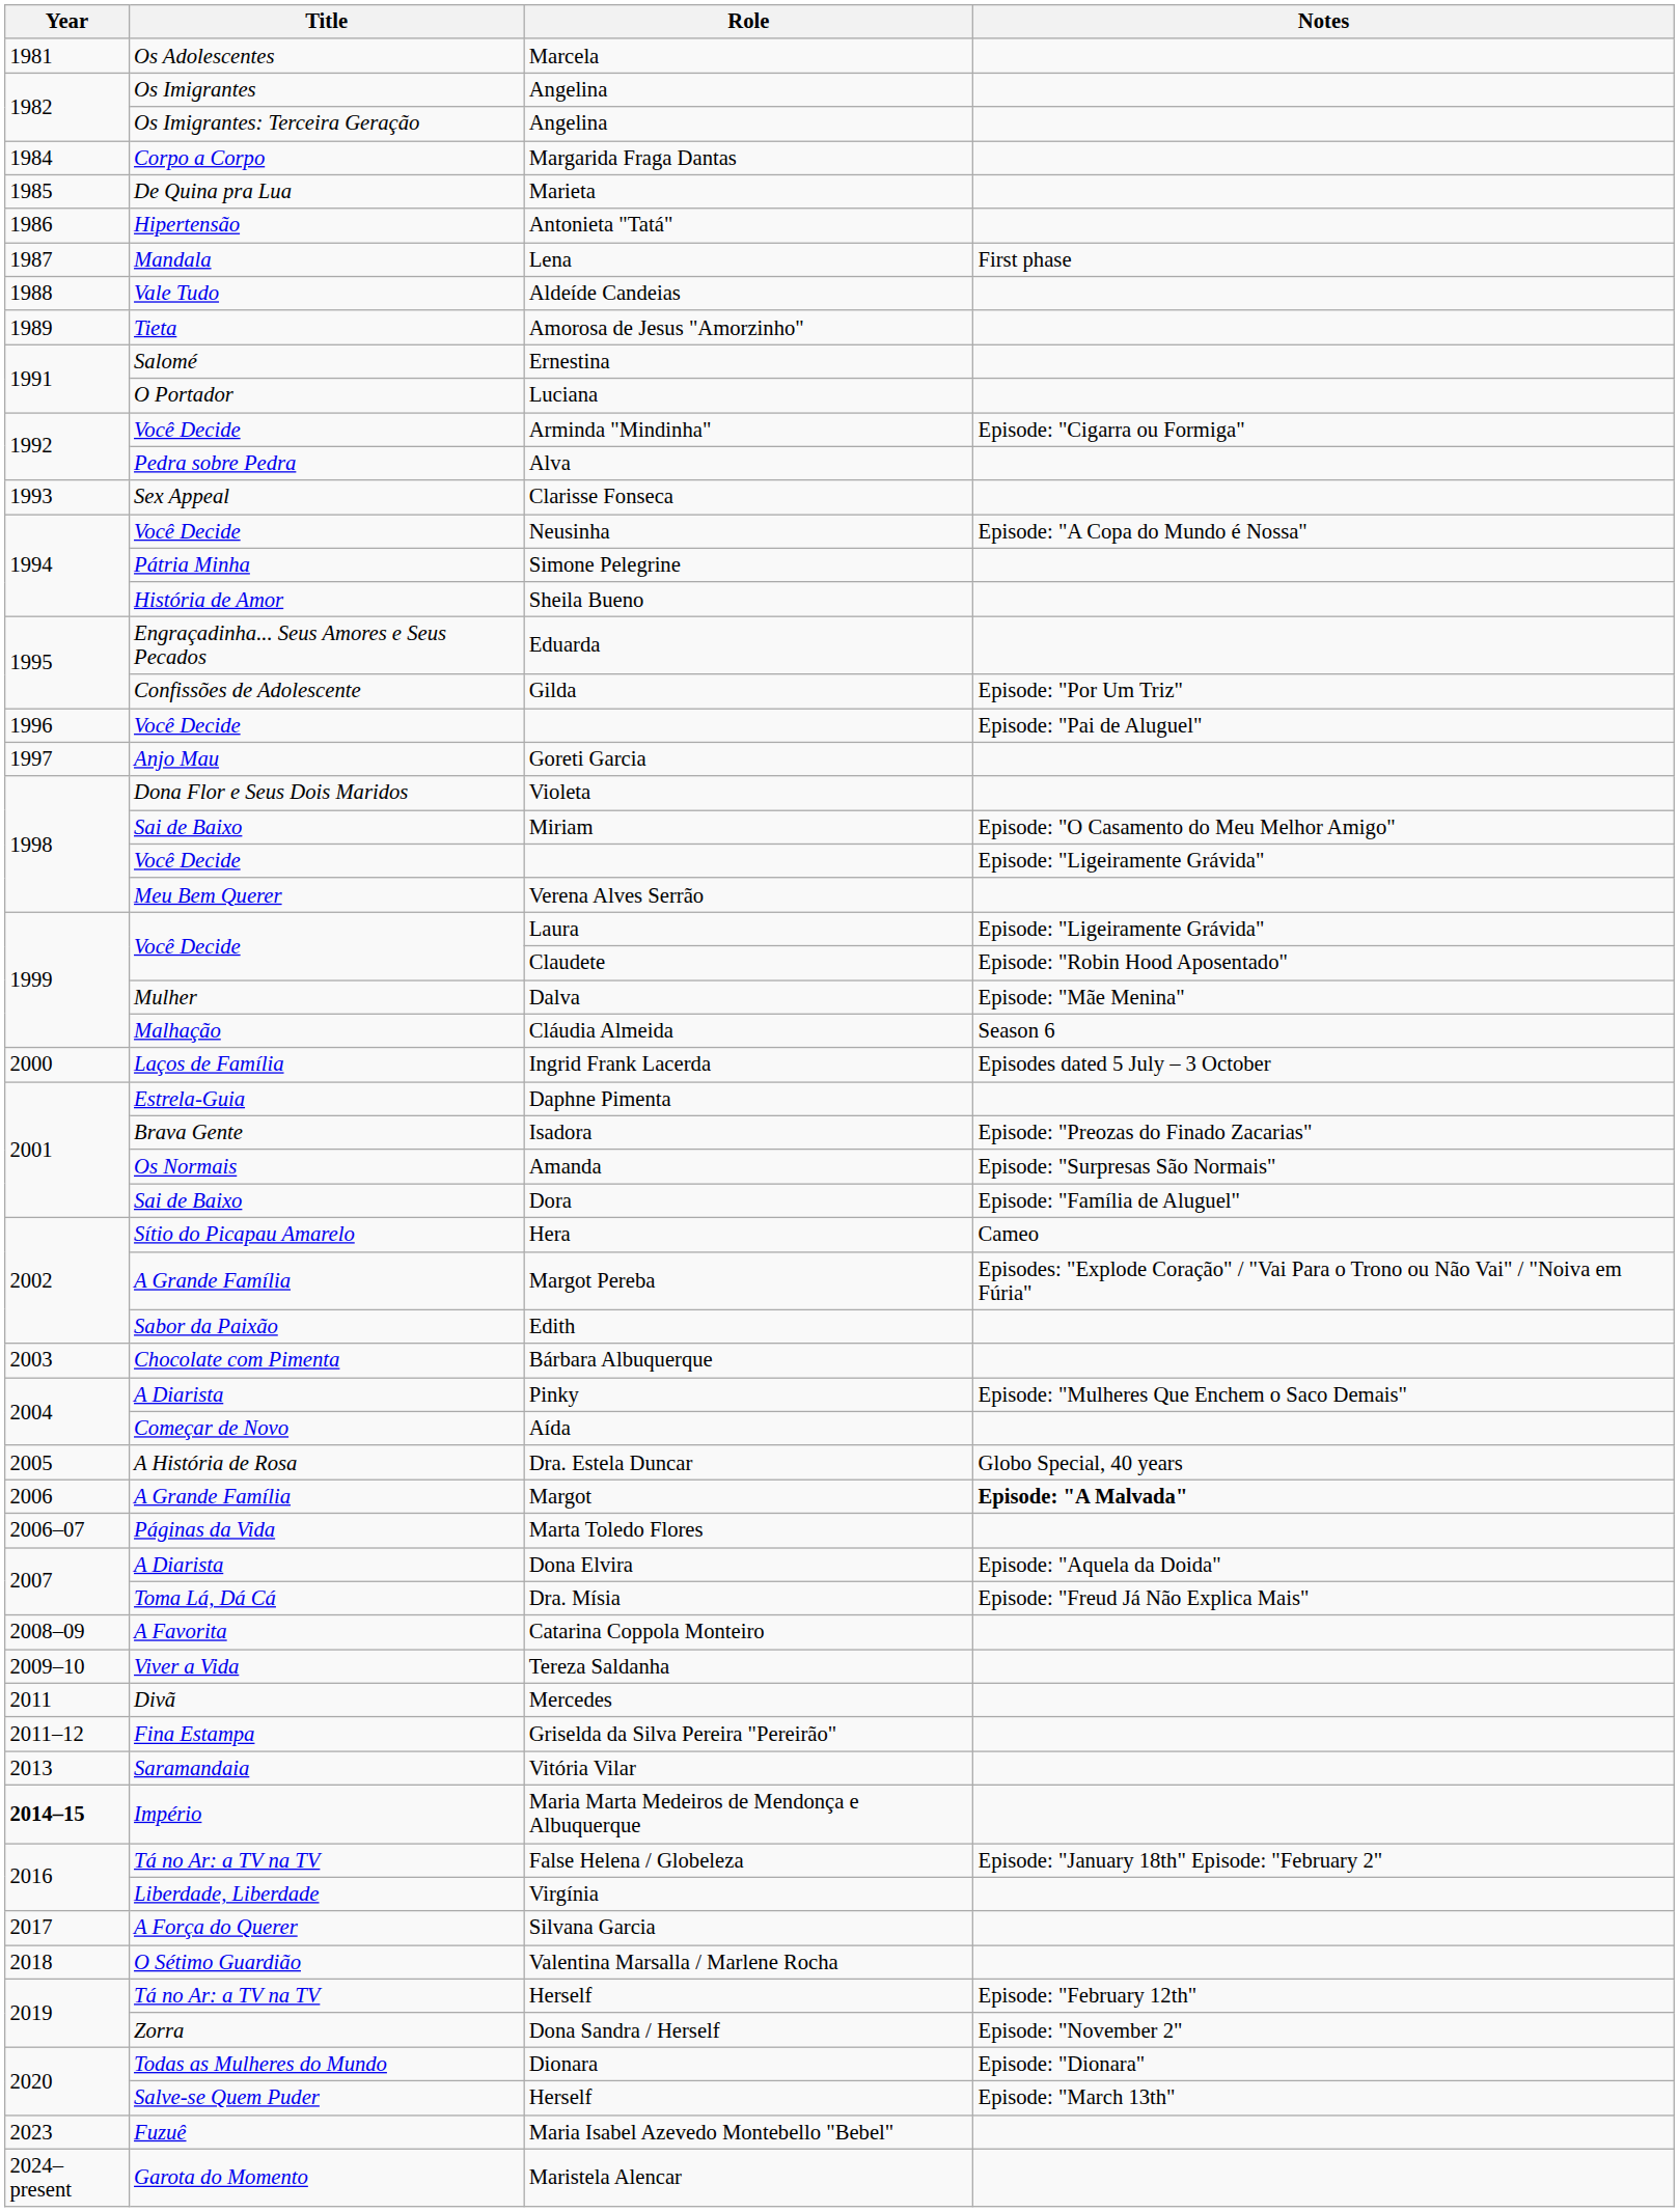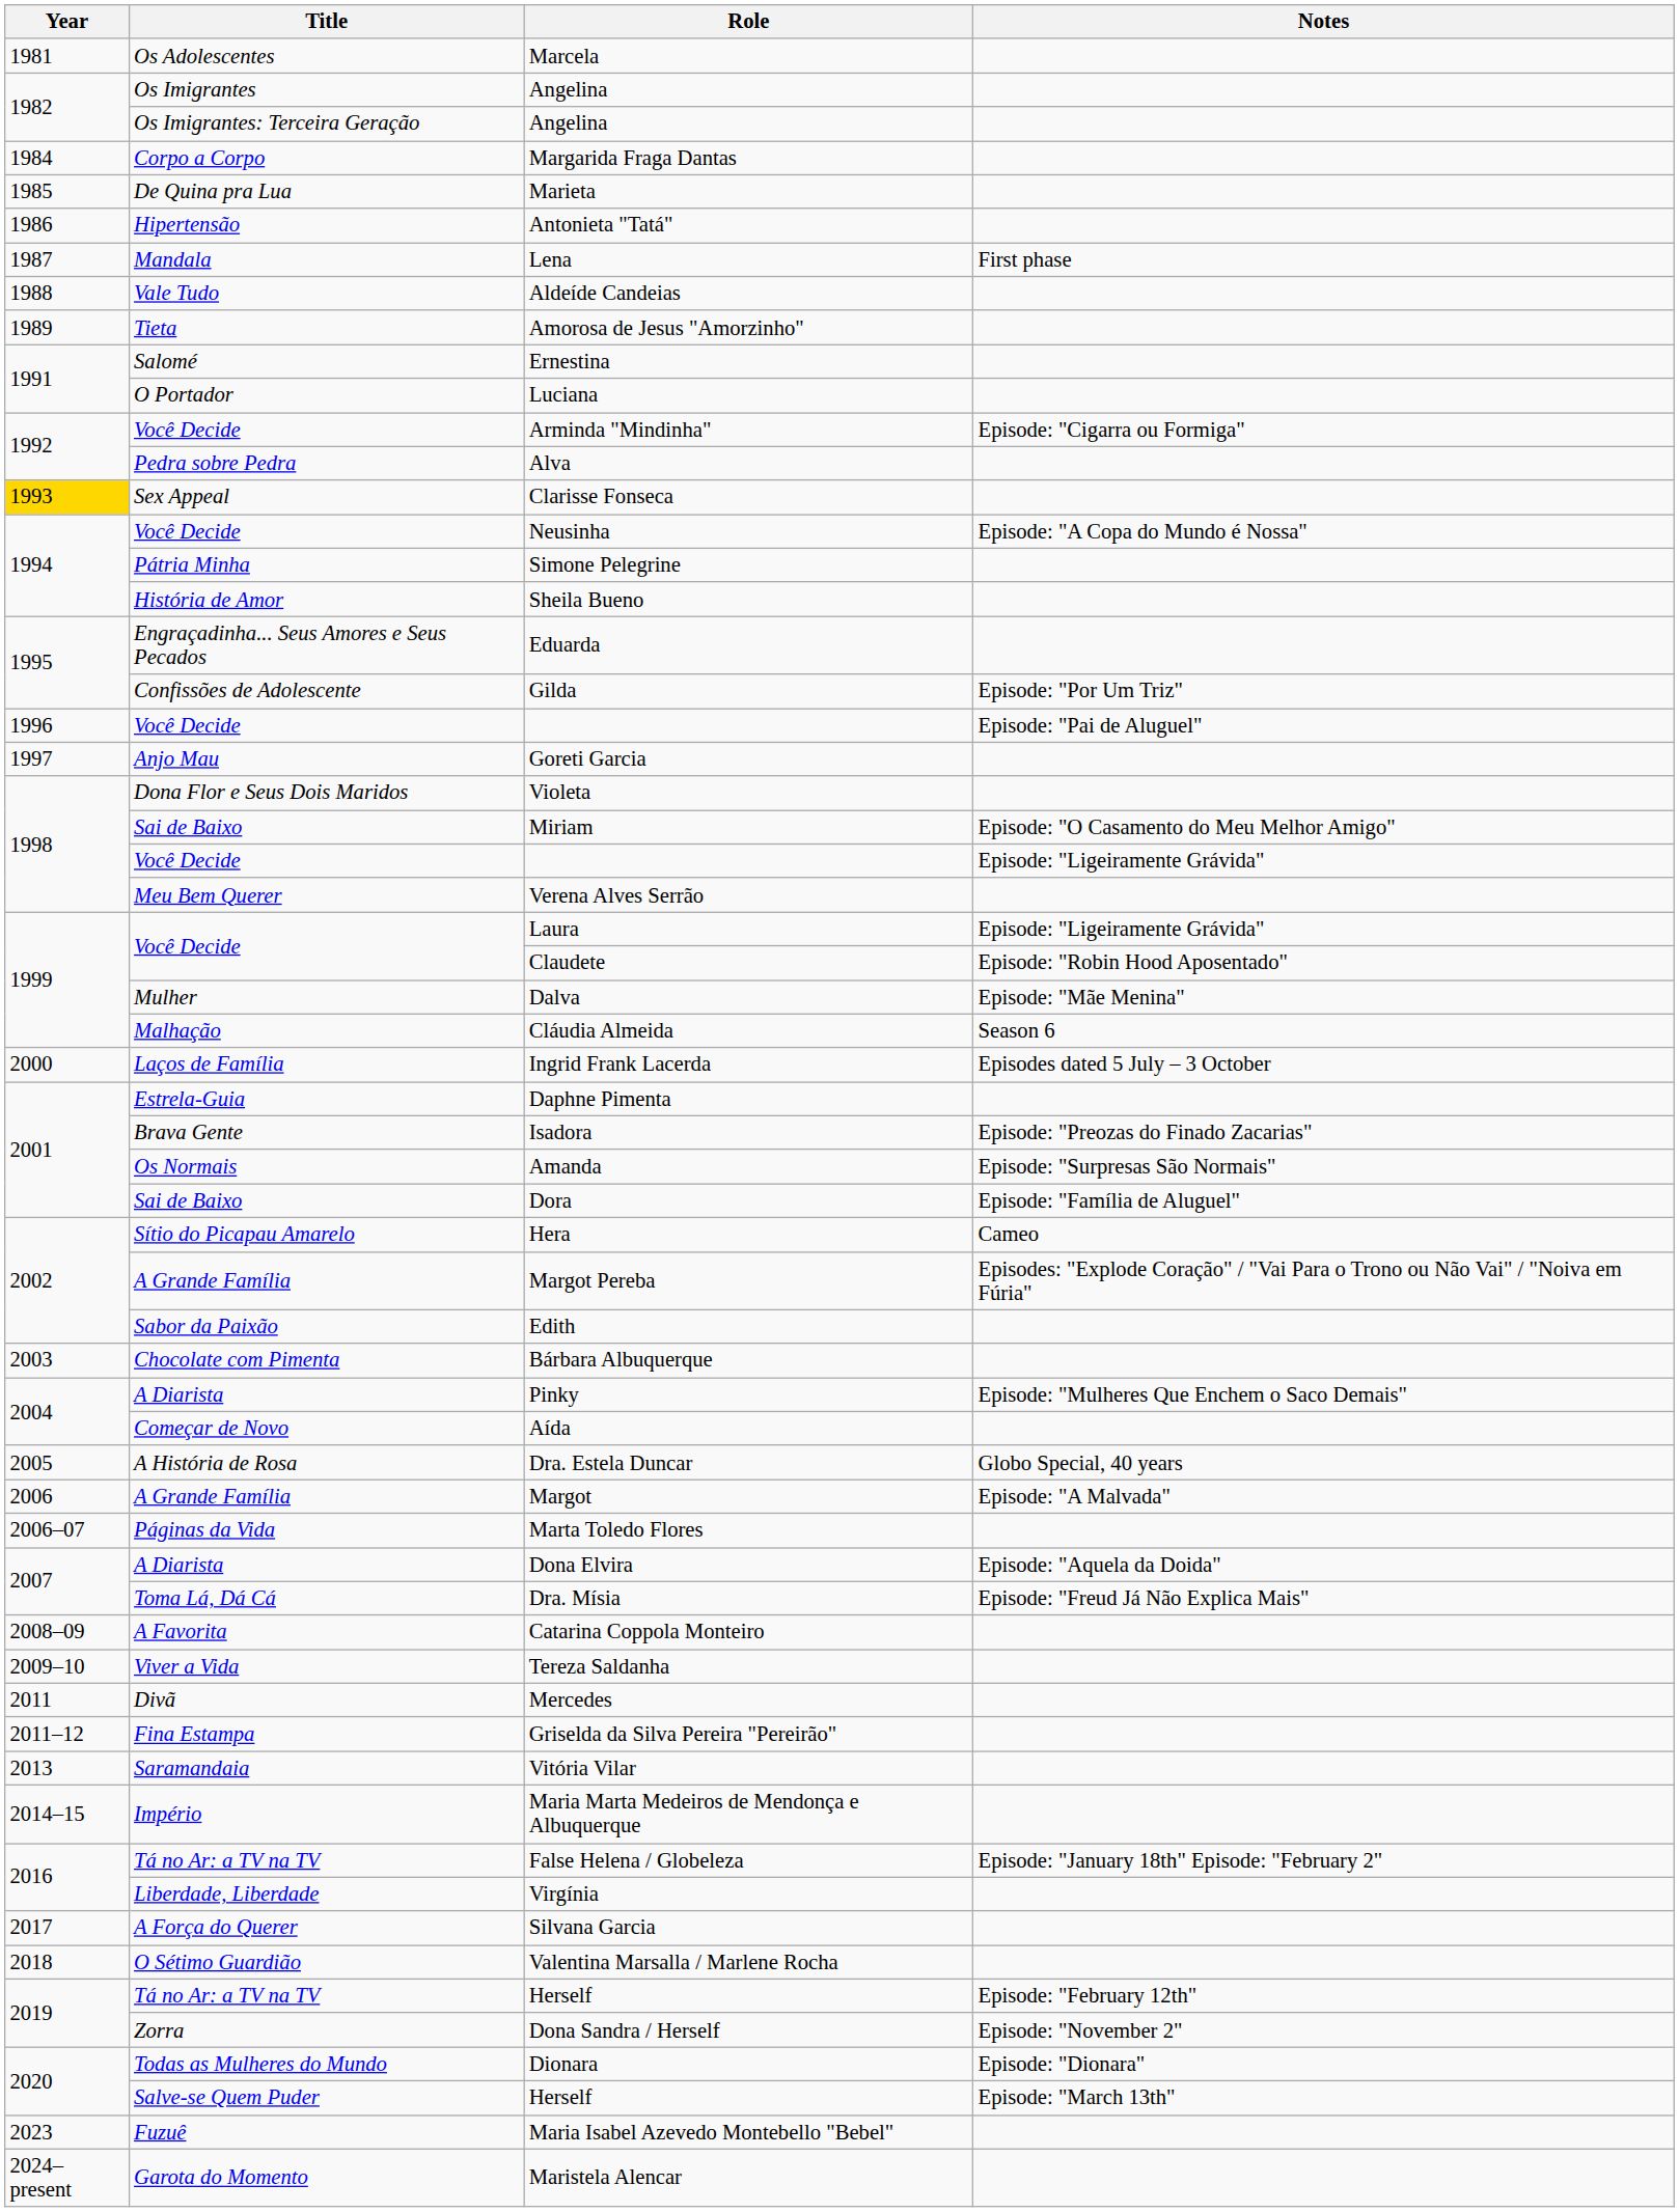 <table class="wikitable">
 <tr>
 <th>Year</th>
 <th>Title</th>
 <th>Role</th>
 <th>Notes</th>
 </tr>
 <tr>
 <td>1981</td>
 <td><em>Os Adolescentes</em></td>
 <td>Marcela</td>
 <td></td>
 </tr>
 <tr>
 <td rowspan=2>1982</td>
 <td><em>Os Imigrantes</em></td>
 <td>Angelina</td>
 <td></td>
 </tr>
 <tr>
 <td><em>Os Imigrantes: Terceira Geração</em></td>
 <td>Angelina</td>
 <td></td>
 </tr>
 <tr>
 <td>1984</td>
 <td><em><a href='#'>Corpo a Corpo</a></em></td>
 <td>Margarida Fraga Dantas</td>
 <td></td>
 </tr>
 <tr>
 <td>1985</td>
 <td><em>De Quina pra Lua</em></td>
 <td>Marieta</td>
 <td></td>
 </tr>
 <tr>
 <td>1986</td>
 <td><em><a href='#'>Hipertensão</a></em></td>
 <td>Antonieta "Tatá"</td>
 <td></td>
 </tr>
 <tr>
 <td>1987</td>
 <td><em><a href='#'>Mandala</a></em></td>
 <td>Lena</td>
 <td>First phase</td>
 </tr>
 <tr>
 <td>1988</td>
 <td><em><a href='#'>Vale Tudo</a></em></td>
 <td>Aldeíde Candeias</td>
 <td></td>
 </tr>
 <tr>
 <td>1989</td>
 <td><em><a href='#'>Tieta</a></em></td>
 <td>Amorosa de Jesus "Amorzinho"</td>
 <td></td>
 </tr>
 <tr>
 <td rowspan="2">1991</td>
 <td><em>Salomé</em></td>
 <td>Ernestina</td>
 <td></td>
 </tr>
 <tr>
 <td><em>O Portador</em></td>
 <td>Luciana</td>
 <td></td>
 </tr>
 <tr>
 <td rowspan="2">1992</td>
 <td><em><a href='#'>Você Decide</a></em></td>
 <td>Arminda "Mindinha"</td>
 <td>Episode: "Cigarra ou Formiga"</td>
 </tr>
 <tr>
 <td><em><a href='#'>Pedra sobre Pedra</a></em></td>
 <td>Alva</td>
 <td></td>
 </tr>
 <tr>
-<td>1993</td>
+<td style="background: gold;">1993</td>
 <td><em>Sex Appeal</em></td>
 <td>Clarisse Fonseca</td>
 <td></td>
 </tr>
 <tr>
 <td rowspan="3">1994</td>
 <td><em><a href='#'>Você Decide</a></em></td>
 <td>Neusinha</td>
 <td>Episode: "A Copa do Mundo é Nossa"</td>
 </tr>
 <tr>
 <td><em><a href='#'>Pátria Minha</a></em></td>
 <td>Simone Pelegrine</td>
 <td></td>
 </tr>
 <tr>
 <td><em><a href='#'>História de Amor</a></em></td>
 <td>Sheila Bueno</td>
 <td></td>
 </tr>
 <tr>
 <td rowspan="2">1995</td>
 <td><em>Engraçadinha... Seus Amores e Seus Pecados</em></td>
 <td>Eduarda</td>
 <td></td>
 </tr>
 <tr>
 <td><em>Confissões de Adolescente</em></td>
 <td>Gilda</td>
 <td>Episode: "Por Um Triz"</td>
 </tr>
 <tr>
 <td>1996</td>
 <td><em><a href='#'>Você Decide</a></em></td>
 <td></td>
 <td>Episode: "Pai de Aluguel"</td>
 </tr>
 <tr>
 <td>1997</td>
 <td><em><a href='#'>Anjo Mau</a></em></td>
 <td>Goreti Garcia</td>
 <td></td>
 </tr>
 <tr>
 <td rowspan="4">1998</td>
 <td><em>Dona Flor e Seus Dois Maridos</em></td>
 <td>Violeta</td>
 <td></td>
 </tr>
 <tr>
 <td><em><a href='#'>Sai de Baixo</a></em></td>
 <td>Miriam</td>
 <td>Episode: "O Casamento do Meu Melhor Amigo"</td>
 </tr>
 <tr>
 <td><em><a href='#'>Você Decide</a></em></td>
 <td></td>
 <td>Episode: "Ligeiramente Grávida"</td>
 </tr>
 <tr>
 <td><em><a href='#'>Meu Bem Querer</a></em></td>
 <td>Verena Alves Serrão</td>
 <td></td>
 </tr>
 <tr>
 <td rowspan="4">1999</td>
 <td rowspan="2"><em><a href='#'>Você Decide</a></em></td>
 <td>Laura</td>
 <td>Episode: "Ligeiramente Grávida"</td>
 </tr>
 <tr>
 <td>Claudete</td>
 <td>Episode: "Robin Hood Aposentado"</td>
 </tr>
 <tr>
 <td><em>Mulher</em></td>
 <td>Dalva</td>
 <td>Episode: "Mãe Menina"</td>
 </tr>
 <tr>
 <td><em><a href='#'>Malhação</a></em></td>
 <td>Cláudia Almeida</td>
 <td>Season 6</td>
 </tr>
 <tr>
 <td>2000</td>
 <td><em><a href='#'>Laços de Família</a></em></td>
 <td>Ingrid Frank Lacerda</td>
 <td>Episodes dated 5 July – 3 October</td>
 </tr>
 <tr>
 <td rowspan="4">2001</td>
 <td><em><a href='#'>Estrela-Guia</a></em></td>
 <td>Daphne Pimenta</td>
 <td></td>
 </tr>
 <tr>
 <td><em>Brava Gente</em></td>
 <td>Isadora</td>
 <td>Episode: "Preozas do Finado Zacarias"</td>
 </tr>
 <tr>
 <td><em><a href='#'>Os Normais</a></em></td>
 <td>Amanda</td>
 <td>Episode: "Surpresas São Normais"</td>
 </tr>
 <tr>
 <td><em><a href='#'>Sai de Baixo</a></em></td>
 <td>Dora</td>
 <td>Episode: "Família de Aluguel"</td>
 </tr>
 <tr>
 <td rowspan="3">2002</td>
 <td><em><a href='#'>Sítio do Picapau Amarelo</a></em></td>
 <td>Hera</td>
 <td>Cameo</td>
 </tr>
 <tr>
 <td><em><a href='#'>A Grande Família</a></em></td>
 <td>Margot Pereba</td>
 <td>Episodes: "Explode Coração" / "Vai Para o Trono ou Não Vai" / "Noiva em Fúria"</td>
 </tr>
 <tr>
 <td><em><a href='#'>Sabor da Paixão</a></em></td>
 <td>Edith</td>
 <td></td>
 </tr>
 <tr>
 <td>2003</td>
 <td><em><a href='#'>Chocolate com Pimenta</a></em></td>
 <td>Bárbara Albuquerque</td>
 <td></td>
 </tr>
 <tr>
 <td rowspan="2">2004</td>
 <td><em><a href='#'>A Diarista</a></em></td>
 <td>Pinky</td>
 <td>Episode: "Mulheres Que Enchem o Saco Demais"</td>
 </tr>
 <tr>
 <td><em><a href='#'>Começar de Novo</a></em></td>
 <td>Aída</td>
 <td></td>
 </tr>
 <tr>
 <td>2005</td>
 <td><em>A História de Rosa</em></td>
 <td>Dra. Estela Duncar</td>
 <td>Globo Special, 40 years</td>
 </tr>
 <tr>
 <td>2006</td>
 <td><em><a href='#'>A Grande Família</a></em></td>
 <td>Margot</td>
-<td><strong>Episode: "A Malvada"</strong></td>
+<td>Episode: "A Malvada"</td>
 </tr>
 <tr>
 <td>2006–07</td>
 <td><em><a href='#'>Páginas da Vida</a></em></td>
 <td>Marta Toledo Flores</td>
 <td></td>
 </tr>
 <tr>
 <td rowspan="2">2007</td>
 <td><em><a href='#'>A Diarista</a></em></td>
 <td>Dona Elvira</td>
 <td>Episode: "Aquela da Doida"</td>
 </tr>
 <tr>
 <td><em><a href='#'>Toma Lá, Dá Cá</a></em></td>
 <td>Dra. Mísia</td>
 <td>Episode: "Freud Já Não Explica Mais"</td>
 </tr>
 <tr>
 <td>2008–09</td>
 <td><em><a href='#'>A Favorita</a></em></td>
 <td>Catarina Coppola Monteiro</td>
 <td></td>
 </tr>
 <tr>
 <td>2009–10</td>
 <td><em><a href='#'>Viver a Vida</a></em></td>
 <td>Tereza Saldanha</td>
 <td></td>
 </tr>
 <tr>
 <td>2011</td>
 <td><em>Divã</em></td>
 <td>Mercedes</td>
 <td></td>
 </tr>
 <tr>
 <td>2011–12</td>
 <td><em><a href='#'>Fina Estampa</a></em></td>
 <td>Griselda da Silva Pereira "Pereirão"</td>
 <td></td>
 </tr>
 <tr>
 <td>2013</td>
 <td><em><a href='#'>Saramandaia</a></em></td>
 <td>Vitória Vilar</td>
 <td></td>
 </tr>
 <tr>
-<td><strong>2014–15</strong></td>
+<td>2014–15</td>
 <td><em><a href='#'>Império</a></em></td>
 <td>Maria Marta Medeiros de Mendonça e Albuquerque</td>
 <td></td>
 </tr>
 <tr>
 <td rowspan="2">2016</td>
 <td><em><a href='#'>Tá no Ar: a TV na TV</a></em></td>
 <td>False Helena / Globeleza</td>
 <td>Episode: "January 18th" Episode: "February 2"</td>
 </tr>
 <tr>
 <td><em><a href='#'>Liberdade, Liberdade</a></em></td>
 <td>Virgínia</td>
 <td></td>
 </tr>
 <tr>
 <td>2017</td>
 <td><em><a href='#'>A Força do Querer</a></em></td>
 <td>Silvana Garcia</td>
 <td></td>
 </tr>
 <tr>
 <td>2018</td>
 <td><em><a href='#'>O Sétimo Guardião</a></em></td>
 <td>Valentina Marsalla / Marlene Rocha</td>
 <td></td>
 </tr>
 <tr>
 <td rowspan="2">2019</td>
 <td><em><a href='#'>Tá no Ar: a TV na TV</a></em></td>
 <td>Herself</td>
 <td>Episode: "February 12th"</td>
 </tr>
 <tr>
 <td><em>Zorra</em></td>
 <td>Dona Sandra / Herself</td>
 <td>Episode: "November 2"</td>
 </tr>
 <tr>
 <td rowspan="2">2020</td>
 <td><em><a href='#'>Todas as Mulheres do Mundo</a></em></td>
 <td>Dionara</td>
 <td>Episode: "Dionara"</td>
 </tr>
 <tr>
 <td><em><a href='#'>Salve-se Quem Puder</a></em></td>
 <td>Herself</td>
 <td>Episode: "March 13th"</td>
 </tr>
 <tr>
 <td>2023</td>
 <td><em><a href='#'>Fuzuê</a></em></td>
 <td>Maria Isabel Azevedo Montebello "Bebel"</td>
 <td></td>
 </tr>
 <tr>
 <td>2024–present</td>
 <td><em><a href='#'>Garota do Momento</a></em></td>
 <td>Maristela Alencar</td>
 <td></td>
 </tr>
 </table>
